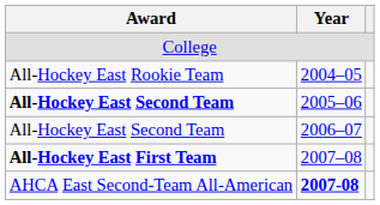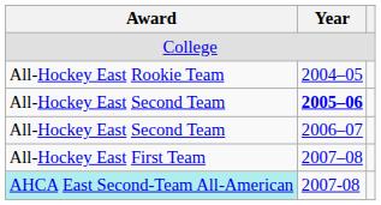 <table class="wikitable">
 <tr>
 <th>Award</th>
 <th>Year</th>
 <th></th>
 </tr>
 <tr ALIGN="center" bgcolor="#e0e0e0">
 <td colspan="3"><a href='#'>College</a></td>
 </tr>
 <tr>
 <td>All-<a href='#'>Hockey East</a> <a href='#'>Rookie Team</a></td>
 <td><a href='#'>2004–05</a></td>
 <td></td>
 </tr>
 <tr>
-<td><strong>All-<a href='#'>Hockey East</a> <a href='#'>Second Team</a></strong></td>
-<td><a href='#'>2005–06</a></td>
+<td>All-<a href='#'>Hockey East</a> <a href='#'>Second Team</a></td>
+<td><strong><a href='#'>2005–06</a></strong></td>
 <td></td>
 </tr>
 <tr>
 <td>All-<a href='#'>Hockey East</a> <a href='#'>Second Team</a></td>
 <td><a href='#'>2006–07</a></td>
 <td></td>
 </tr>
 <tr>
-<td><strong>All-<a href='#'>Hockey East</a> <a href='#'>First Team</a></strong></td>
+<td>All-<a href='#'>Hockey East</a> <a href='#'>First Team</a></td>
 <td><a href='#'>2007–08</a></td>
 <td></td>
 </tr>
 <tr>
-<td><a href='#'>AHCA</a> <a href='#'>East Second-Team All-American</a></td>
-<td><strong><a href='#'>2007-08</a></strong></td>
+<td style="background: paleturquoise;"><a href='#'>AHCA</a> <a href='#'>East Second-Team All-American</a></td>
+<td><a href='#'>2007-08</a></td>
 <td></td>
 </tr>
 </table>
